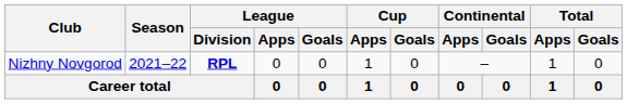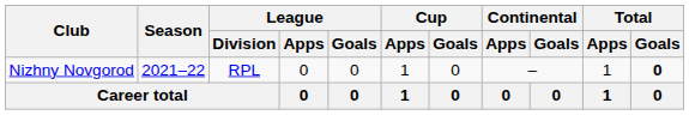 <table class="wikitable" style="text-align: center;">
 <tr>
 <th rowspan=2>Club</th>
 <th rowspan=2>Season</th>
 <th colspan=3>League</th>
 <th colspan=2>Cup</th>
 <th colspan=2>Continental</th>
 <th colspan=2>Total</th>
 </tr>
 <tr>
 <th>Division</th>
 <th>Apps</th>
 <th>Goals</th>
 <th>Apps</th>
 <th>Goals</th>
 <th>Apps</th>
 <th>Goals</th>
 <th>Apps</th>
 <th>Goals</th>
 </tr>
 <tr>
 <td><a href='#'>Nizhny Novgorod</a></td>
 <td><a href='#'>2021–22</a></td>
-<td><strong><a href='#'>RPL</a></strong></td>
+<td><a href='#'>RPL</a></td>
 <td>0</td>
 <td>0</td>
 <td>1</td>
 <td>0</td>
 <td colspan=2>–</td>
 <td>1</td>
-<td>0</td>
+<td><strong>0</strong></td>
 </tr>
 <tr>
 <th colspan=3>Career total</th>
 <th>0</th>
 <th>0</th>
 <th>1</th>
 <th>0</th>
 <th>0</th>
 <th>0</th>
 <th>1</th>
 <th>0</th>
 </tr>
 </table>
